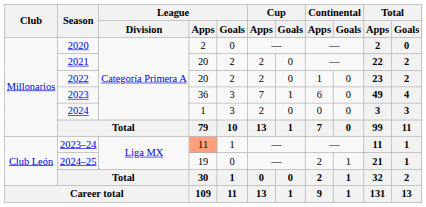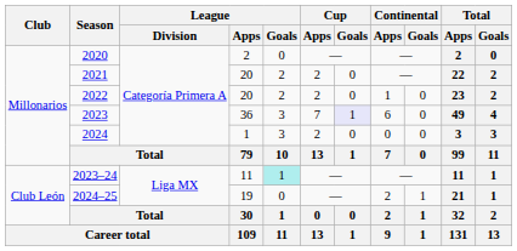 <table class="wikitable center" style="text-align: center">
 <tr>
 <th rowspan="2">Club</th>
 <th rowspan="2">Season</th>
 <th colspan="3">League</th>
 <th colspan="2">Cup</th>
 <th colspan="2">Continental</th>
 <th colspan="2">Total</th>
 </tr>
 <tr>
 <th>Division</th>
 <th>Apps</th>
 <th>Goals</th>
 <th>Apps</th>
 <th>Goals</th>
 <th>Apps</th>
 <th>Goals</th>
 <th>Apps</th>
 <th>Goals</th>
 </tr>
 <tr>
 <td rowspan=6><a href='#'>Millonarios</a></td>
 <td><a href='#'>2020</a></td>
 <td rowspan=5><a href='#'>Categoría Primera A</a></td>
 <td>2</td>
 <td>0</td>
 <td colspan=2>—</td>
 <td colspan=2>—</td>
 <th>2</th>
 <th>0</th>
 </tr>
 <tr>
 <td><a href='#'>2021</a></td>
 <td>20</td>
 <td>2</td>
 <td>2</td>
 <td>0</td>
 <td colspan=2>—</td>
 <th>22</th>
 <th>2</th>
 </tr>
 <tr>
 <td><a href='#'>2022</a></td>
 <td>20</td>
 <td>2</td>
 <td>2</td>
 <td>0</td>
 <td>1</td>
 <td>0</td>
 <th>23</th>
 <th>2</th>
 </tr>
 <tr>
 <td><a href='#'>2023</a></td>
 <td>36</td>
 <td>3</td>
 <td>7</td>
-<td>1</td>
+<td style="background: lavender;">1</td>
 <td>6</td>
 <td>0</td>
 <th>49</th>
 <th>4</th>
 </tr>
 <tr>
 <td><a href='#'>2024</a></td>
 <td>1</td>
 <td>3</td>
 <td>2</td>
 <td>0</td>
 <td>0</td>
 <td>0</td>
 <th>3</th>
 <th>3</th>
 </tr>
 <tr>
 <th colspan=2>Total</th>
 <th>79</th>
 <th>10</th>
 <th>13</th>
 <th>1</th>
 <th>7</th>
 <th>0</th>
 <th>99</th>
 <th>11</th>
 </tr>
 <tr>
 <td rowspan="3"><a href='#'>Club León</a></td>
 <td><a href='#'>2023–24</a></td>
 <td rowspan="2"><a href='#'>Liga MX</a></td>
-<td style="background: lightsalmon;">11</td>
-<td>1</td>
+<td>11</td>
+<td style="background: paleturquoise;">1</td>
 <td colspan=2>—</td>
 <td colspan=2>—</td>
 <th>11</th>
 <th>1</th>
 </tr>
 <tr>
 <td><a href='#'>2024–25</a></td>
 <td>19</td>
 <td>0</td>
 <td colspan="2">—</td>
 <td>2</td>
 <td>1</td>
 <th>21</th>
 <th>1</th>
 </tr>
 <tr>
 <th colspan="2">Total</th>
 <th>30</th>
 <th>1</th>
 <th>0</th>
 <th>0</th>
 <th>2</th>
 <th>1</th>
 <th>32</th>
 <th>2</th>
 </tr>
 <tr>
 <th colspan="3">Career total</th>
 <th>109</th>
 <th>11</th>
 <th>13</th>
 <th>1</th>
 <th>9</th>
 <th>1</th>
 <th>131</th>
 <th>13</th>
 </tr>
 </table>
